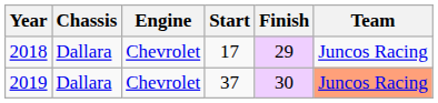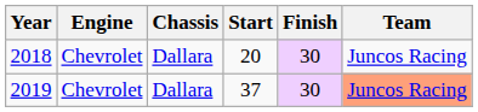 <table class="wikitable" style="font-size: 90%;">
 <tr>
 <th>Year</th>
+<th>Engine</th>
 <th>Chassis</th>
-<th>Engine</th>
 <th>Start</th>
 <th>Finish</th>
 <th>Team</th>
 </tr>
 <tr>
 <td><a href='#'>2018</a></td>
+<td><a href='#'>Chevrolet</a></td>
 <td><a href='#'>Dallara</a></td>
-<td><a href='#'>Chevrolet</a></td>
-<td style="text-align:center;">17</td>
-<td style="text-align:center; background:#EFCFFF;">29</td>
+<td style="text-align:center;">20</td>
+<td style="text-align:center; background:#EFCFFF;">30</td>
 <td nowrap><a href='#'>Juncos Racing</a></td>
 </tr>
 <tr>
 <td><a href='#'>2019</a></td>
+<td><a href='#'>Chevrolet</a></td>
 <td><a href='#'>Dallara</a></td>
-<td><a href='#'>Chevrolet</a></td>
 <td style="text-align:center;">37</td>
 <td style="text-align:center; background:#EFCFFF;”">30</td>
 <td nowrap style="background: lightsalmon;"><a href='#'>Juncos Racing</a></td>
 </tr>
 </table>
